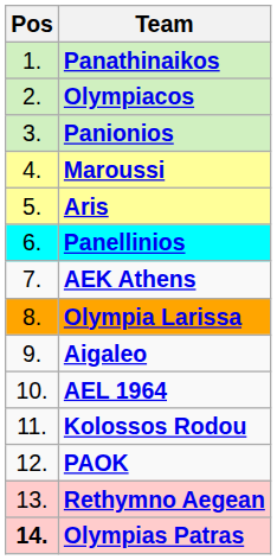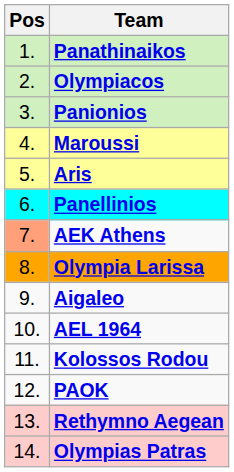 <table class="wikitable" style="text-align: center; font-size:95%">
 <tr>
 <th>Pos</th>
 <th>Team</th>
 </tr>
 <tr bgcolor="D0F0C0">
 <td>1.</td>
 <td align="left"><strong><a href='#'>Panathinaikos</a></strong></td>
 </tr>
 <tr bgcolor="D0F0C0">
 <td>2.</td>
 <td align="left"><strong><a href='#'>Olympiacos</a></strong></td>
 </tr>
 <tr bgcolor="D0F0C0">
 <td>3.</td>
 <td align="left"><strong><a href='#'>Panionios</a></strong></td>
 </tr>
 <tr bgcolor="FFFF99">
 <td>4.</td>
 <td align="left"><strong><a href='#'>Maroussi</a></strong></td>
 </tr>
 <tr bgcolor="FFFF99">
 <td>5.</td>
 <td align="left"><strong><a href='#'>Aris</a></strong></td>
 </tr>
 <tr bgcolor="00FFFF">
 <td>6.</td>
 <td align="left"><strong><a href='#'>Panellinios</a></strong></td>
 </tr>
 <tr>
-<td>7.</td>
+<td style="background: lightsalmon;">7.</td>
 <td align="left"><strong><a href='#'>AEK Athens</a></strong></td>
 </tr>
 <tr bgcolor="orange">
 <td>8.</td>
 <td align="left"><strong><a href='#'>Olympia Larissa</a></strong></td>
 </tr>
 <tr>
 <td>9.</td>
 <td align="left"><strong><a href='#'>Aigaleo</a></strong></td>
 </tr>
 <tr>
 <td>10.</td>
 <td align="left"><strong><a href='#'>AEL 1964</a></strong></td>
 </tr>
 <tr>
 <td>11.</td>
 <td align="left"><strong><a href='#'>Kolossos Rodou</a></strong></td>
 </tr>
 <tr>
 <td>12.</td>
 <td align="left"><strong><a href='#'>PAOK</a></strong></td>
 </tr>
 <tr bgcolor="#FFCCCC">
 <td>13.</td>
 <td align="left"><strong><a href='#'>Rethymno Aegean</a></strong></td>
 </tr>
 <tr bgcolor="#FFCCCC">
-<td><strong>14.</strong></td>
+<td>14.</td>
 <td align="left"><strong><a href='#'>Olympias Patras</a></strong></td>
 </tr>
 </table>
